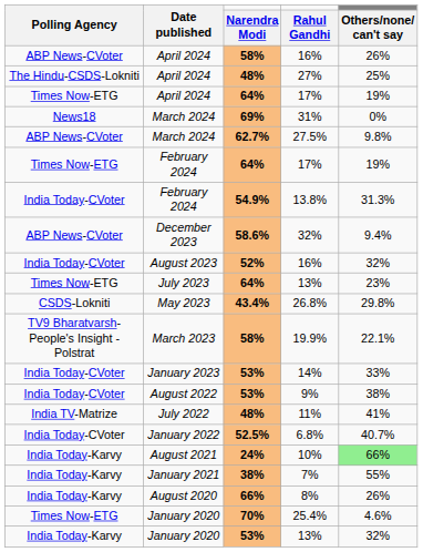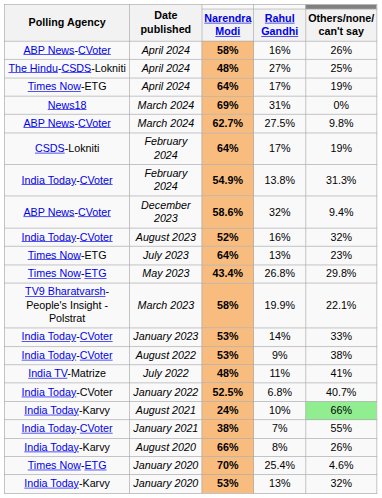 <table class="wikitable sortable" style="text-align:center;font-size:100%;line-height:20px;">
 <tr>
 <th rowspan="2" class="wikitable" style="width:180px;">Polling Agency</th>
 <th rowspan="2" class="wikitable" style="width:100px;">Date published</th>
 <td></td>
 <td></td>
 <td style="background:grey;"></td>
 </tr>
 <tr>
 <th class="wikitable" style="width:70px;"><a href='#'>Narendra Modi</a></th>
 <th class="wikitable" style="width:70px;"><a href='#'>Rahul Gandhi</a></th>
 <th class="wikitable" style="width:70px;">Others/none/<br>can't say</th>
 </tr>
 <tr>
 <td><a href='#'>ABP News</a>-<a href='#'>CVoter</a></td>
 <td><em>April 2024</em></td>
 <td style="background:#F9BC7F"><strong>58%</strong></td>
 <td>16%</td>
 <td>26%</td>
 </tr>
 <tr>
 <td><a href='#'>The Hindu</a>-<a href='#'>CSDS</a>-Lokniti</td>
 <td><em>April 2024</em></td>
 <td style="background:#F9BC7F"><strong>48%</strong></td>
 <td>27%</td>
 <td>25%</td>
 </tr>
 <tr>
 <td><a href='#'>Times Now</a>-ETG</td>
 <td><em>April 2024</em></td>
 <td style="background:#F9BC7F"><strong>64%</strong></td>
 <td>17%</td>
 <td>19%</td>
 </tr>
 <tr>
 <td><a href='#'>News18</a></td>
 <td><em>March 2024</em></td>
 <td style="background:#F9BC7F"><strong>69%</strong></td>
 <td>31%</td>
 <td>0%</td>
 </tr>
 <tr>
 <td><a href='#'>ABP News</a>-<a href='#'>CVoter</a></td>
 <td><em>March 2024</em></td>
 <td style="background:#F9BC7F"><strong>62.7%</strong></td>
 <td>27.5%</td>
 <td>9.8%</td>
 </tr>
 <tr>
-<td><a href='#'>Times Now</a>-<a href='#'>ETG</a></td>
+<td><a href='#'>CSDS</a>-Lokniti</td>
 <td><em>February 2024</em></td>
 <td style="background:#F9BC7F"><strong>64%</strong></td>
 <td>17%</td>
 <td>19%</td>
 </tr>
 <tr>
 <td><a href='#'>India Today</a>-<a href='#'>CVoter</a></td>
 <td><em>February 2024</em></td>
 <td style="background:#F9BC7F"><strong>54.9%</strong></td>
 <td>13.8%</td>
 <td>31.3%</td>
 </tr>
 <tr>
 <td><a href='#'>ABP News</a>-<a href='#'>CVoter</a></td>
 <td><em>December 2023</em></td>
 <td style="background:#F9BC7F"><strong>58.6%</strong></td>
 <td>32%</td>
 <td>9.4%</td>
 </tr>
 <tr>
 <td><a href='#'>India Today</a>-<a href='#'>CVoter</a></td>
 <td><em>August 2023</em></td>
 <td style="background:#F9BC7F"><strong>52%</strong></td>
 <td>16%</td>
 <td>32%</td>
 </tr>
 <tr>
 <td><a href='#'>Times Now</a>-ETG</td>
 <td><em>July 2023</em></td>
 <td style="background:#F9BC7F"><strong>64%</strong></td>
 <td>13%</td>
 <td>23%</td>
 </tr>
 <tr>
-<td><a href='#'>CSDS</a>-Lokniti</td>
+<td><a href='#'>Times Now</a>-<a href='#'>ETG</a></td>
 <td><em>May 2023</em></td>
 <td style="background:#F9BC7F"><strong>43.4%</strong></td>
 <td>26.8%</td>
 <td>29.8%</td>
 </tr>
 <tr>
 <td><a href='#'>TV9 Bharatvarsh</a>-People's Insight - Polstrat</td>
 <td><em>March 2023</em></td>
 <td style="background:#F9BC7F"><strong>58%</strong></td>
 <td>19.9%</td>
 <td>22.1%</td>
 </tr>
 <tr>
 <td><a href='#'>India Today</a>-<a href='#'>CVoter</a></td>
 <td><em>January 2023</em></td>
 <td style="background:#F9BC7F"><strong>53%</strong></td>
 <td>14%</td>
 <td>33%</td>
 </tr>
 <tr>
 <td><a href='#'>India Today</a>-<a href='#'>CVoter</a></td>
 <td><em>August 2022</em></td>
 <td style="background:#F9BC7F"><strong>53%</strong></td>
 <td>9%</td>
 <td>38%</td>
 </tr>
 <tr>
 <td><a href='#'>India TV</a>-Matrize</td>
 <td><em>July 2022</em></td>
 <td style="background:#F9BC7F"><strong>48%</strong></td>
 <td>11%</td>
 <td>41%</td>
 </tr>
 <tr>
 <td><a href='#'>India Today</a>-CVoter</td>
 <td><em>January 2022</em></td>
 <td style="background:#F9BC7F"><strong>52.5%</strong></td>
 <td>6.8%</td>
 <td>40.7%</td>
 </tr>
 <tr>
 <td><a href='#'>India Today</a>-Karvy</td>
 <td><em>August 2021</em></td>
 <td style="background:#F9BC7F"><strong>24%</strong></td>
 <td>10%</td>
 <td style="background: lightgreen;">66%</td>
 </tr>
 <tr>
-<td><a href='#'>India Today</a>-Karvy</td>
+<td><a href='#'>India Today</a>-<a href='#'>CVoter</a></td>
 <td><em>January 2021</em></td>
 <td style="background:#F9BC7F"><strong>38%</strong></td>
 <td>7%</td>
 <td>55%</td>
 </tr>
 <tr>
 <td><a href='#'>India Today</a>-Karvy</td>
 <td><em>August 2020</em></td>
 <td style="background:#F9BC7F"><strong>66%</strong></td>
 <td>8%</td>
 <td>26%</td>
 </tr>
 <tr>
 <td><a href='#'>Times Now</a>-<a href='#'>ETG</a></td>
 <td><em>January 2020</em></td>
 <td style="background:#F9BC7F"><strong>70%</strong></td>
 <td>25.4%</td>
 <td>4.6%</td>
 </tr>
 <tr>
 <td><a href='#'>India Today</a>-Karvy</td>
 <td><em>January 2020</em></td>
 <td style="background:#F9BC7F"><strong>53%</strong></td>
 <td>13%</td>
 <td>32%</td>
 </tr>
 </table>
